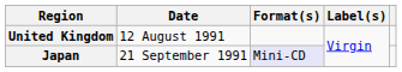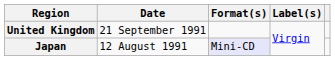 <table class="wikitable plainrowheaders">
 <tr>
 <th scope="col">Region</th>
 <th scope="col">Date</th>
 <th scope="col">Format(s)</th>
 <th scope="col">Label(s)</th>
 <th scope="col"></th>
 </tr>
 <tr>
 <th scope="row">United Kingdom</th>
-<td>12 August 1991</td>
+<td>21 September 1991</td>
 <td></td>
 <td rowspan="2"><a href='#'>Virgin</a></td>
 <td></td>
 </tr>
 <tr>
 <th scope="row">Japan</th>
-<td>21 September 1991</td>
+<td>12 August 1991</td>
 <td style="background: lavender;">Mini-CD</td>
 <td></td>
 </tr>
 </table>
